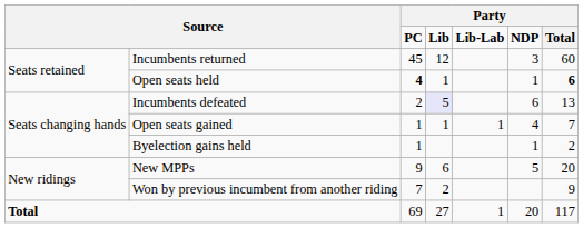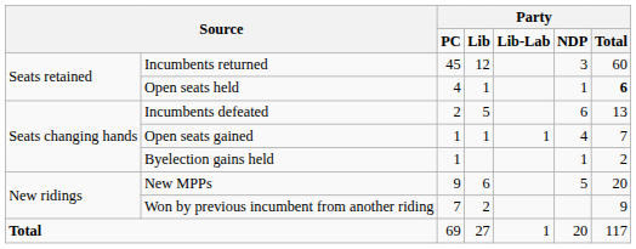 <table class="wikitable" style="text-align:right;">
 <tr>
 <th colspan="2" rowspan="2">Source</th>
 <th colspan="5">Party</th>
 </tr>
 <tr>
 <td><strong>PC</strong></td>
 <td><strong>Lib</strong></td>
 <td><strong>Lib-Lab</strong></td>
 <td><strong>NDP</strong></td>
 <th>Total</th>
 </tr>
 <tr>
 <td rowspan="2" style="text-align:left;">Seats retained</td>
 <td style="text-align:left;">Incumbents returned</td>
 <td>45</td>
 <td>12</td>
 <td></td>
 <td>3</td>
 <td>60</td>
 </tr>
 <tr>
 <td style="text-align:left;">Open seats held</td>
-<td><strong>4</strong></td>
+<td>4</td>
 <td>1</td>
 <td></td>
 <td>1</td>
 <td><strong>6</strong></td>
 </tr>
 <tr>
 <td rowspan="3" style="text-align:left;">Seats changing hands</td>
 <td style="text-align:left;">Incumbents defeated</td>
 <td>2</td>
-<td style="background: lavender;">5</td>
+<td>5</td>
 <td></td>
 <td>6</td>
 <td>13</td>
 </tr>
 <tr>
 <td style="text-align:left;">Open seats gained</td>
 <td>1</td>
 <td>1</td>
 <td>1</td>
 <td>4</td>
 <td>7</td>
 </tr>
 <tr>
 <td style="text-align:left;">Byelection gains held</td>
 <td>1</td>
 <td></td>
 <td></td>
 <td>1</td>
 <td>2</td>
 </tr>
 <tr>
 <td rowspan="2" style="text-align:left;">New ridings</td>
 <td style="text-align:left;">New MPPs</td>
 <td>9</td>
 <td>6</td>
 <td></td>
 <td>5</td>
 <td>20</td>
 </tr>
 <tr>
 <td style="text-align:left;">Won by previous incumbent from another riding</td>
 <td>7</td>
 <td>2</td>
 <td></td>
 <td></td>
 <td>9</td>
 </tr>
 <tr>
 <td colspan="2" style="text-align:left;"><strong>Total</strong></td>
 <td>69</td>
 <td>27</td>
 <td>1</td>
 <td>20</td>
 <td>117</td>
 </tr>
 </table>
